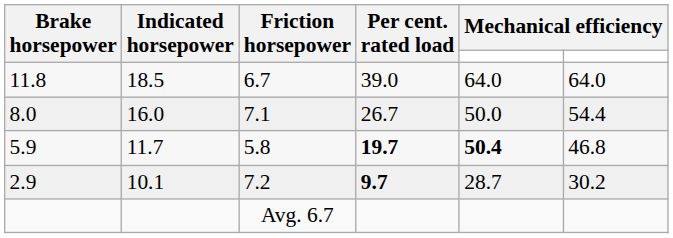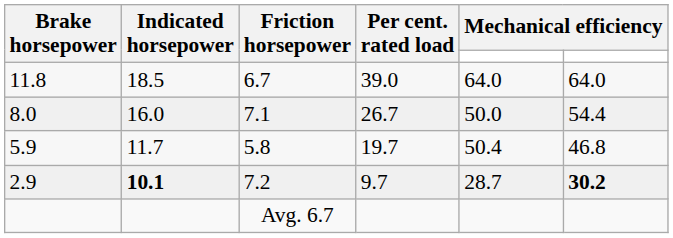 <table class="wikitable">
 <tr>
 <th rowspan=2>Brake<br>horsepower</th>
 <th rowspan=2>Indicated<br>horsepower</th>
 <th rowspan=2>Friction<br>horsepower</th>
 <th rowspan=2>Per cent.<br>rated load</th>
 <th colspan=2>Mechanical efficiency</th>
 </tr>
 <tr>
 <th style="background:white"></th>
 <th style="background:white"></th>
 </tr>
 <tr style="background-color:#f7f7f7;">
 <td>11.8</td>
 <td>18.5</td>
 <td>6.7</td>
 <td>39.0</td>
 <td>64.0</td>
 <td>64.0</td>
 </tr>
 <tr style="background-color:#f0f0f0;">
 <td>8.0</td>
 <td>16.0</td>
 <td>7.1</td>
 <td>26.7</td>
 <td>50.0</td>
 <td>54.4</td>
 </tr>
 <tr style="background-color:#f7f7f7;">
 <td>5.9</td>
 <td>11.7</td>
 <td>5.8</td>
-<td><strong>19.7</strong></td>
-<td><strong>50.4</strong></td>
+<td>19.7</td>
+<td>50.4</td>
 <td>46.8</td>
 </tr>
 <tr style="background-color:#f0f0f0;">
 <td>2.9</td>
-<td>10.1</td>
+<td><strong>10.1</strong></td>
 <td>7.2</td>
-<td><strong>9.7</strong></td>
+<td>9.7</td>
 <td>28.7</td>
-<td>30.2</td>
+<td><strong>30.2</strong></td>
 </tr>
 <tr>
 <td></td>
 <td></td>
 <td style="text-align:center">Avg. 6.7</td>
 <td></td>
 <td></td>
 </tr>
 </table>
